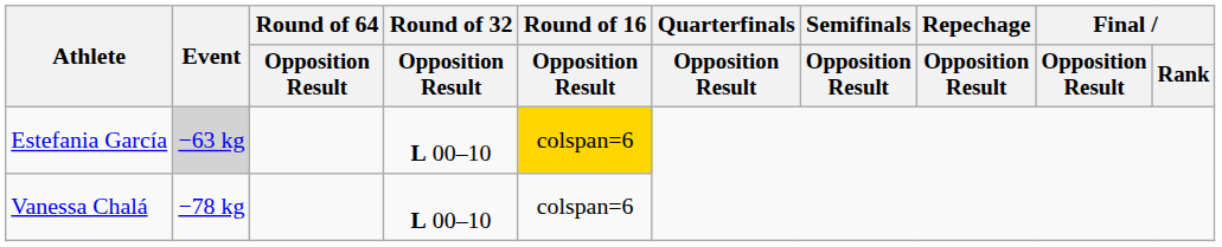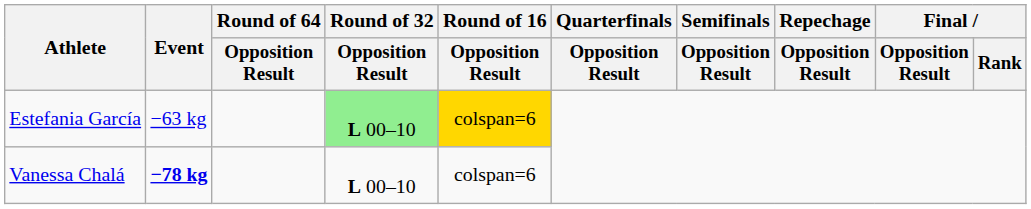 <table class=wikitable style="font-size:90%; text-align:center">
 <tr>
 <th rowspan=2>Athlete</th>
 <th rowspan=2>Event</th>
 <th>Round of 64</th>
 <th>Round of 32</th>
 <th>Round of 16</th>
 <th>Quarterfinals</th>
 <th>Semifinals</th>
 <th>Repechage</th>
 <th colspan=2>Final / </th>
 </tr>
 <tr style=font-size:95%>
 <th>Opposition<br>Result</th>
 <th>Opposition<br>Result</th>
 <th>Opposition<br>Result</th>
 <th>Opposition<br>Result</th>
 <th>Opposition<br>Result</th>
 <th>Opposition<br>Result</th>
 <th>Opposition<br>Result</th>
 <th>Rank</th>
 </tr>
 <tr align=center>
 <td align=left><a href='#'>Estefania García</a></td>
-<td align=left style="background: lightgrey;"><a href='#'>−63 kg</a></td>
+<td align=left><a href='#'>−63 kg</a></td>
 <td></td>
-<td><br><strong>L</strong> 00–10</td>
+<td style="background: lightgreen;"><br><strong>L</strong> 00–10</td>
 <td style="background: gold;">colspan=6 </td>
 </tr>
 <tr align=center>
 <td align=left><a href='#'>Vanessa Chalá</a></td>
-<td align=left><a href='#'>−78 kg</a></td>
+<td align=left><strong><a href='#'>−78 kg</a></strong></td>
 <td></td>
 <td><br><strong>L</strong> 00–10</td>
 <td>colspan=6 </td>
 </tr>
 </table>
